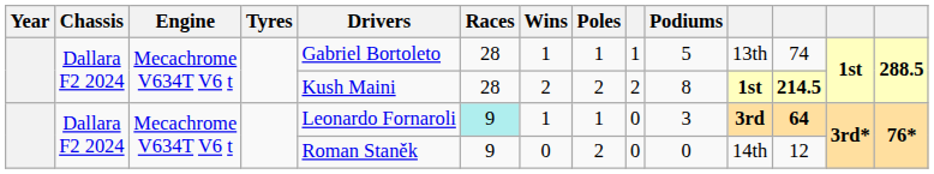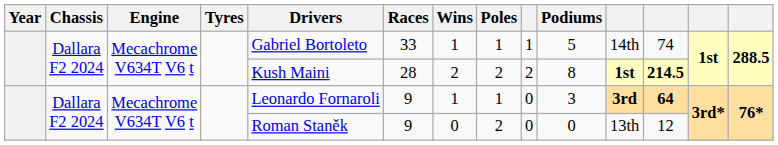 <table class="wikitable" style="text-align:center; font-size:85%">
 <tr>
 <th>Year</th>
 <th>Chassis</th>
 <th>Engine</th>
 <th>Tyres</th>
 <th>Drivers</th>
 <th>Races</th>
 <th>Wins</th>
 <th>Poles</th>
 <th></th>
 <th>Podiums</th>
 <th></th>
 <th></th>
 <th></th>
 <th></th>
 </tr>
 <tr>
 <th rowspan=2></th>
 <td rowspan=2><a href='#'>Dallara</a><br><a href='#'>F2 2024</a></td>
 <td rowspan=2><a href='#'>Mecachrome</a><br><a href='#'>V634T</a> <a href='#'>V6</a> <a href='#'>t</a></td>
 <td rowspan=2></td>
 <td align=left> <a href='#'>Gabriel Bortoleto</a></td>
-<td>28</td>
+<td>33</td>
 <td>1</td>
 <td>1</td>
 <td>1</td>
 <td>5</td>
-<td style="background:#;">13th</td>
+<td style="background:#;">14th</td>
 <td style="background:#;">74</td>
 <th rowspan="2" style="background:#FFFFBF;">1st</th>
 <th rowspan="2" style="background:#FFFFBF;">288.5</th>
 </tr>
 <tr>
 <td align=left> <a href='#'>Kush Maini</a></td>
 <td>28</td>
 <td>2</td>
 <td>2</td>
 <td>2</td>
 <td>8</td>
 <td style="background:#FFFFBF;"><strong>1st</strong></td>
 <td style="background:#FFFFBF;"><strong>214.5</strong></td>
 </tr>
 <tr>
 <th rowspan=2></th>
 <td rowspan=2><a href='#'>Dallara</a><br><a href='#'>F2 2024</a></td>
 <td rowspan=2><a href='#'>Mecachrome</a><br><a href='#'>V634T</a> <a href='#'>V6</a> <a href='#'>t</a></td>
 <td rowspan=2></td>
 <td align=left> <a href='#'>Leonardo Fornaroli</a></td>
-<td style="background: paleturquoise;">9</td>
+<td>9</td>
 <td>1</td>
 <td>1</td>
 <td>0</td>
 <td>3</td>
 <td style="background:#FFDF9F;"><strong>3rd</strong></td>
 <td style="background:#FFDF9F;"><strong>64</strong></td>
 <th rowspan="2" style="background:#FFDF9F;">3rd*</th>
 <th rowspan="2" style="background:#FFDF9F;">76*</th>
 </tr>
 <tr>
 <td align=left> <a href='#'>Roman Staněk</a></td>
 <td>9</td>
 <td>0</td>
 <td>2</td>
 <td>0</td>
 <td>0</td>
-<td style="background:#;">14th</td>
+<td style="background:#;">13th</td>
 <td style="background:#;">12</td>
 </tr>
 </table>
